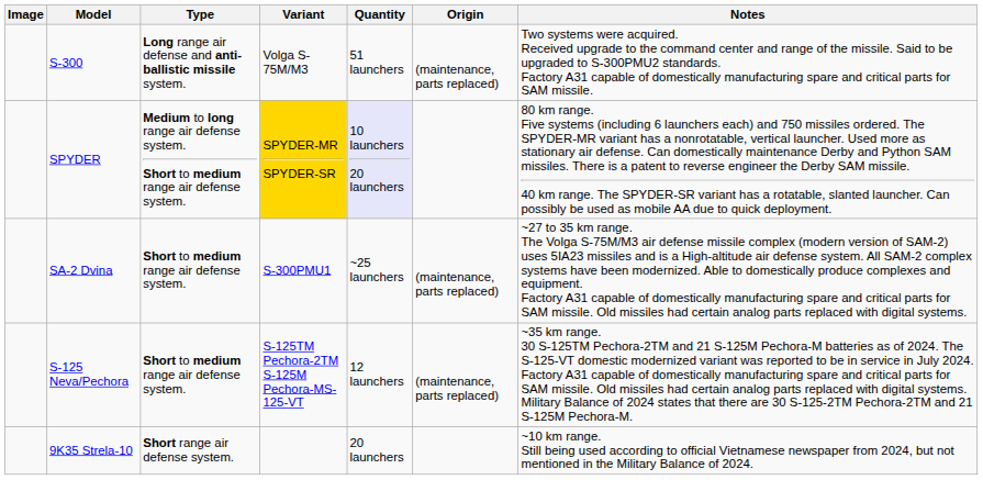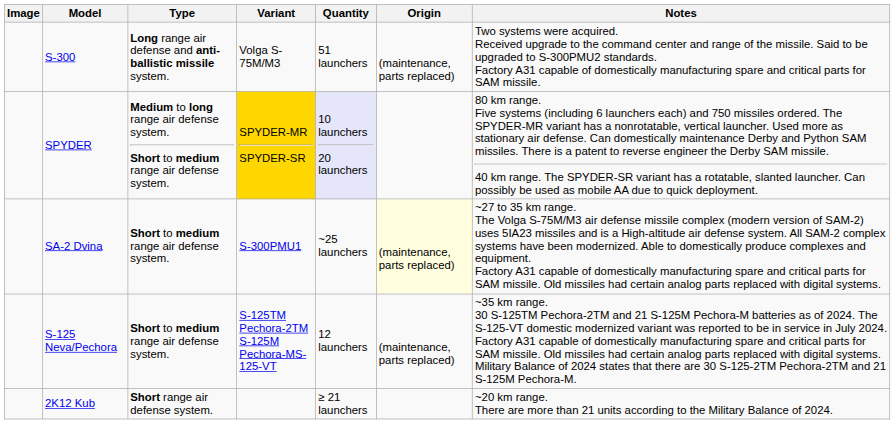 <table class="wikitable">
 <tr>
 <th>Image</th>
 <th>Model</th>
 <th>Type</th>
 <th>Variant</th>
 <th>Quantity</th>
 <th>Origin</th>
 <th>Notes</th>
 </tr>
 <tr>
 <td></td>
 <td><a href='#'>S-300</a></td>
 <td><strong>Long</strong> range air defense and <strong>anti-ballistic missile</strong> system.</td>
 <td>Volga S-75M/M3</td>
 <td>51 launchers</td>
 <td><br><br>(maintenance, parts replaced)</td>
 <td>Two systems were acquired.<br>Received upgrade to the command center and range of the missile. Said to be upgraded to S-300PMU2 standards.<br>Factory A31 capable of domestically manufacturing spare and critical parts for SAM missile.</td>
 </tr>
 <tr>
 <td><br></td>
 <td><a href='#'>SPYDER</a></td>
 <td><strong>Medium</strong> to <strong>long</strong> range air defense system.<hr> <strong>Short</strong> to <strong>medium</strong> range air defense system.</td>
 <td style="background: gold;">SPYDER-MR <hr>SPYDER-SR</td>
 <td style="background: lavender;">10 launchers<hr> 20 launchers</td>
 <td></td>
 <td>80 km range.<br>Five systems (including 6 launchers each) and 750 missiles ordered. The SPYDER-MR variant has a nonrotatable, vertical launcher. Used more as stationary air defense. Can domestically maintenance Derby and Python SAM missiles. There is a patent to reverse engineer the Derby SAM missile. <hr> 40 km range. The SPYDER-SR variant has a rotatable, slanted launcher. Can possibly be used as mobile AA due to quick deployment.</td>
 </tr>
 <tr>
 <td></td>
 <td><a href='#'>SA-2 Dvina</a></td>
 <td><strong>Short</strong> to <strong>medium</strong> range air defense system.</td>
 <td><a href='#'>S-300PMU1</a></td>
 <td>~25 launchers</td>
-<td> <br><br>(maintenance, parts replaced)</td>
+<td style="background: lightyellow;"> <br><br>(maintenance, parts replaced)</td>
 <td>~27 to 35 km range.<br>The Volga S-75M/M3 air defense missile complex (modern version of SAM-2) uses 5IA23 missiles and is a High-altitude air defense system. All SAM-2 complex systems have been modernized. Able to domestically produce complexes and equipment.<br>Factory A31 capable of domestically manufacturing spare and critical parts for SAM missile. Old missiles had certain analog parts replaced with digital systems.</td>
 </tr>
 <tr>
 <td></td>
 <td><a href='#'>S-125 Neva/Pechora</a></td>
 <td><strong>Short</strong> to <strong>medium</strong> range air defense system.</td>
 <td><a href='#'>S-125TM Pechora-2TM</a><br><a href='#'>S-125M Pechora-M</a><a href='#'>S-125-VT</a></td>
 <td>12 launchers</td>
 <td> <br><br>(maintenance, parts replaced)</td>
 <td>~35 km range.<br>30 S-125TM Pechora-2TM and 21 S-125M Pechora-M batteries as of 2024. The S-125-VT domestic modernized variant was reported to be in service in July 2024.<br>Factory A31 capable of domestically manufacturing spare and critical parts for SAM missile. Old missiles had certain analog parts replaced with digital systems.<br>Military Balance of 2024 states that there are 30 S-125-2TM Pechora-2TM and 21 S-125M Pechora-M.</td>
 </tr>
 <tr>
 <td></td>
-<td><a href='#'>9K35 Strela-10</a></td>
+<td><a href='#'>2K12 Kub</a></td>
 <td><strong>Short</strong> range air defense system.</td>
 <td></td>
-<td>20 launchers</td>
+<td>≥ 21 launchers</td>
 <td></td>
-<td>~10 km range.<br>Still being used according to official Vietnamese newspaper from 2024, but not mentioned in the Military Balance of 2024.</td>
+<td>~20 km range.<br>There are more than 21 units according to the Military Balance of 2024.</td>
 </tr>
 </table>
